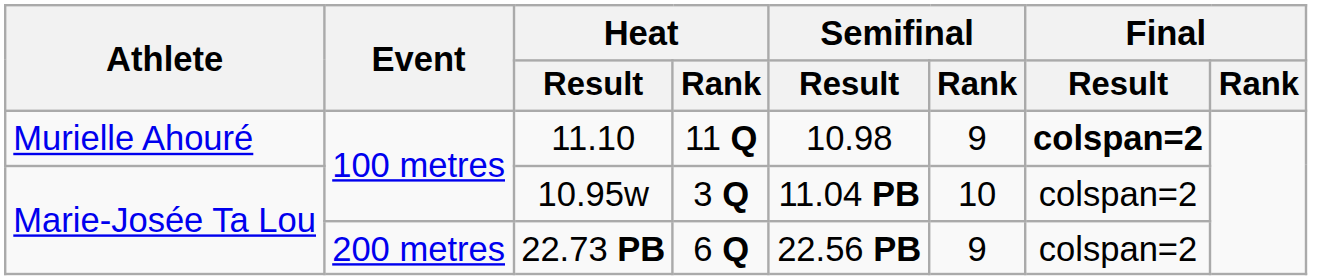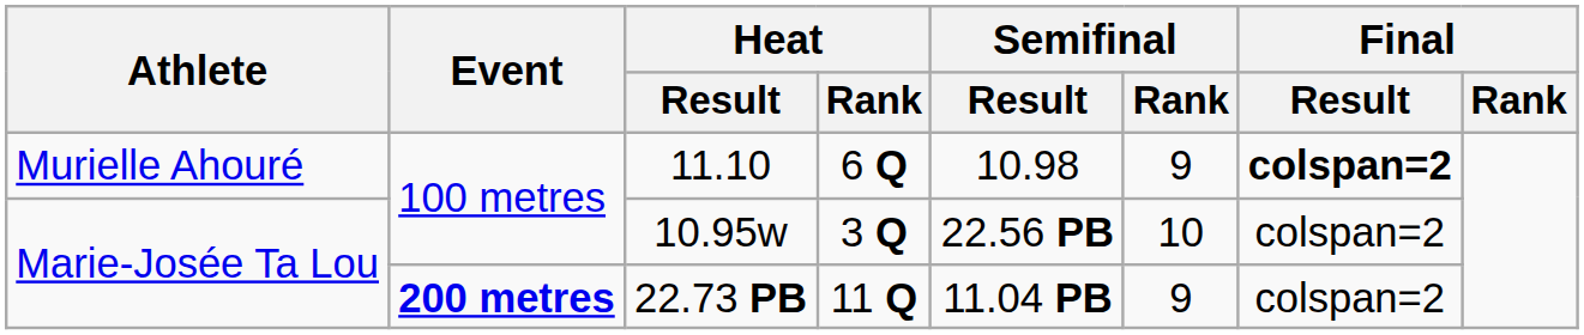 <table class="wikitable" style="font-size:90%">
 <tr>
 <th rowspan="2">Athlete</th>
 <th rowspan="2">Event</th>
 <th colspan="2">Heat</th>
 <th colspan="2">Semifinal</th>
 <th colspan="2">Final</th>
 </tr>
 <tr style="font-size:95%">
 <th>Result</th>
 <th>Rank</th>
 <th>Result</th>
 <th>Rank</th>
 <th>Result</th>
 <th>Rank</th>
 </tr>
 <tr style=text-align:center>
 <td style=text-align:left><a href='#'>Murielle Ahouré</a></td>
 <td style=text-align:left rowspan=2><a href='#'>100 metres</a></td>
 <td>11.10</td>
-<td>11 <strong>Q</strong></td>
+<td>6 <strong>Q</strong></td>
 <td>10.98</td>
 <td>9</td>
 <td><strong>colspan=2 </strong></td>
 </tr>
 <tr style=text-align:center>
 <td style=text-align:left rowspan=2><a href='#'>Marie-Josée Ta Lou</a></td>
 <td>10.95w</td>
 <td>3 <strong>Q</strong></td>
-<td>11.04 <strong>PB</strong></td>
+<td>22.56 <strong>PB</strong></td>
 <td>10</td>
 <td>colspan=2 </td>
 </tr>
 <tr style=text-align:center>
-<td style=text-align:left><a href='#'>200 metres</a></td>
+<td style=text-align:left><strong><a href='#'>200 metres</a></strong></td>
 <td>22.73 <strong>PB</strong></td>
-<td>6 <strong>Q</strong></td>
-<td>22.56 <strong>PB</strong></td>
+<td>11 <strong>Q</strong></td>
+<td>11.04 <strong>PB</strong></td>
 <td>9</td>
 <td>colspan=2 </td>
 </tr>
 </table>
